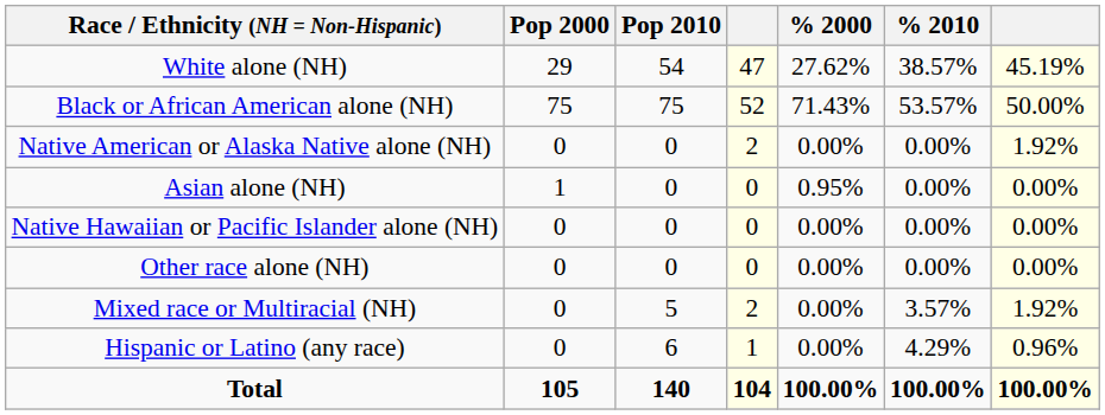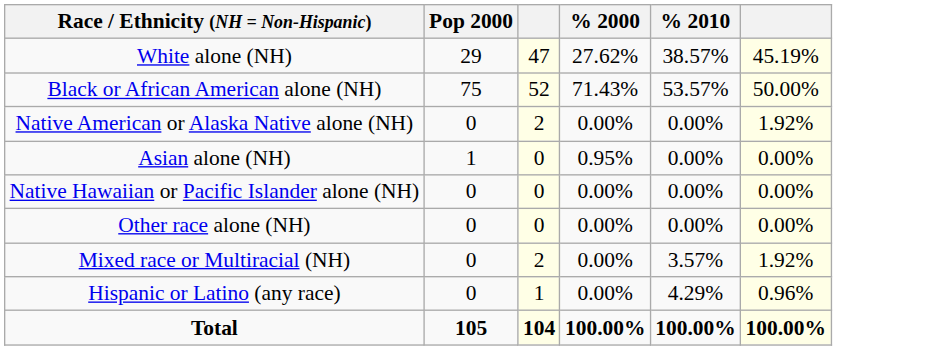 <table class="wikitable" style="text-align:center;">
 <tr>
 <th>Race / Ethnicity <small>(<em>NH = Non-Hispanic</em>)</small></th>
 <th>Pop 2000</th>
-<th>Pop 2010</th>
 <th></th>
 <th>% 2000</th>
 <th>% 2010</th>
 <th></th>
 </tr>
 <tr>
 <td><a href='#'>White</a> alone (NH)</td>
 <td>29</td>
-<td>54</td>
 <td style='background: #ffffe6;'>47</td>
 <td>27.62%</td>
 <td>38.57%</td>
 <td style='background: #ffffe6;'>45.19%</td>
 </tr>
 <tr>
 <td><a href='#'>Black or African American</a> alone (NH)</td>
-<td>75</td>
 <td>75</td>
 <td style='background: #ffffe6;'>52</td>
 <td>71.43%</td>
 <td>53.57%</td>
 <td style='background: #ffffe6;'>50.00%</td>
 </tr>
 <tr>
 <td><a href='#'>Native American</a> or <a href='#'>Alaska Native</a> alone (NH)</td>
 <td>0</td>
-<td>0</td>
 <td style='background: #ffffe6;'>2</td>
 <td>0.00%</td>
 <td>0.00%</td>
 <td style='background: #ffffe6;'>1.92%</td>
 </tr>
 <tr>
 <td><a href='#'>Asian</a> alone (NH)</td>
 <td>1</td>
-<td>0</td>
 <td style='background: #ffffe6;'>0</td>
 <td>0.95%</td>
 <td>0.00%</td>
 <td style='background: #ffffe6;'>0.00%</td>
 </tr>
 <tr>
 <td><a href='#'>Native Hawaiian</a> or <a href='#'>Pacific Islander</a> alone (NH)</td>
-<td>0</td>
 <td>0</td>
 <td style='background: #ffffe6;'>0</td>
 <td>0.00%</td>
 <td>0.00%</td>
 <td style='background: #ffffe6;'>0.00%</td>
 </tr>
 <tr>
 <td><a href='#'>Other race</a> alone (NH)</td>
 <td>0</td>
-<td>0</td>
 <td style='background: #ffffe6;'>0</td>
 <td>0.00%</td>
 <td>0.00%</td>
 <td style='background: #ffffe6;'>0.00%</td>
 </tr>
 <tr>
 <td><a href='#'>Mixed race or Multiracial</a> (NH)</td>
 <td>0</td>
-<td>5</td>
 <td style='background: #ffffe6;'>2</td>
 <td>0.00%</td>
 <td>3.57%</td>
 <td style='background: #ffffe6;'>1.92%</td>
 </tr>
 <tr>
 <td><a href='#'>Hispanic or Latino</a> (any race)</td>
 <td>0</td>
-<td>6</td>
 <td style='background: #ffffe6;'>1</td>
 <td>0.00%</td>
 <td>4.29%</td>
 <td style='background: #ffffe6;'>0.96%</td>
 </tr>
 <tr>
 <td><strong>Total</strong></td>
 <td><strong>105</strong></td>
-<td><strong>140</strong></td>
 <td style='background: #ffffe6;'><strong>104</strong></td>
 <td><strong>100.00%</strong></td>
 <td><strong>100.00%</strong></td>
 <td style='background: #ffffe6;'><strong>100.00%</strong></td>
 </tr>
 </table>
